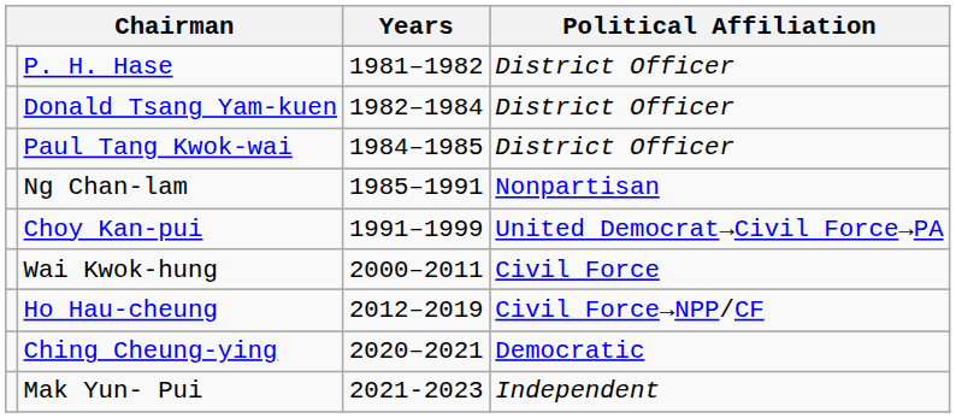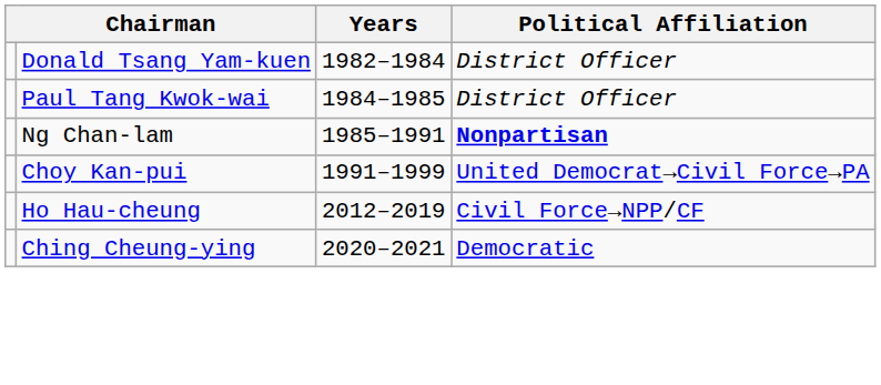 <table class="wikitable">
 <tr>
 <th colspan=2>Chairman</th>
 <th>Years</th>
 <th>Political Affiliation</th>
-</tr>
-<tr>
-<td style="color:inherit;background:"></td>
-<td><a href='#'>P. H. Hase</a></td>
-<td>1981–1982</td>
-<td><em>District Officer</em></td>
 </tr>
 <tr>
 <td style="color:inherit;background:"></td>
 <td><a href='#'>Donald Tsang Yam-kuen</a></td>
 <td>1982–1984</td>
 <td><em>District Officer</em></td>
 </tr>
 <tr>
 <td style="color:inherit;background:"></td>
 <td><a href='#'>Paul Tang Kwok-wai</a></td>
 <td>1984–1985</td>
 <td><em>District Officer</em></td>
 </tr>
 <tr>
 <td style="color:inherit;background:"></td>
 <td>Ng Chan-lam</td>
 <td>1985–1991</td>
-<td><a href='#'>Nonpartisan</a></td>
+<td><strong><a href='#'>Nonpartisan</a></strong></td>
 </tr>
 <tr>
 <td style="color:inherit;background:"></td>
 <td><a href='#'>Choy Kan-pui</a></td>
 <td>1991–1999</td>
 <td><a href='#'>United Democrat</a>→<a href='#'>Civil Force</a>→<a href='#'>PA</a></td>
-</tr>
-<tr>
-<td style="color:inherit;background:"></td>
-<td>Wai Kwok-hung</td>
-<td>2000–2011</td>
-<td><a href='#'>Civil Force</a></td>
 </tr>
 <tr>
 <td style="color:inherit;background:"></td>
 <td><a href='#'>Ho Hau-cheung</a></td>
 <td>2012–2019</td>
 <td><a href='#'>Civil Force</a>→<a href='#'>NPP</a>/<a href='#'>CF</a></td>
 </tr>
 <tr>
 <td style="color:inherit;background: "></td>
 <td><a href='#'>Ching Cheung-ying</a></td>
 <td>2020–2021</td>
 <td><a href='#'>Democratic</a></td>
 </tr>
-<tr>
-<td style="color:inherit;background:"></td>
-<td>Mak Yun- Pui</td>
-<td>2021-2023</td>
-<td><em>Independent</em></td>
-</tr>
 </table>
